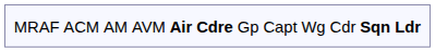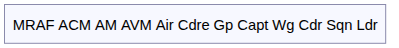 <table style="border:1px solid #8888aa; background-color:#f7f8ff; padding:5px; font-size:95%; margin: 0px 12px 12px 0px; text-align:center;">
 <tr>
 <td></td>
 <td></td>
 <td></td>
 <td></td>
 <td></td>
 <td></td>
 <td></td>
 <td></td>
 </tr>
 <tr>
 <td>MRAF</td>
 <td>ACM</td>
 <td>AM</td>
 <td>AVM</td>
-<td><strong>Air Cdre</strong></td>
+<td>Air Cdre</td>
 <td>Gp Capt</td>
 <td>Wg Cdr</td>
-<td><strong>Sqn Ldr</strong></td>
+<td>Sqn Ldr</td>
 </tr>
 <tr>
 </tr>
 </table>
